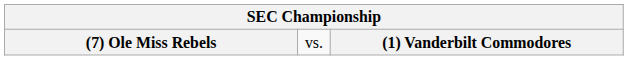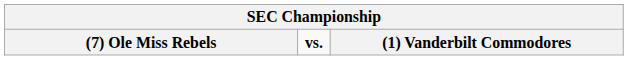 <table class="wikitable">
 <tr>
 <th style="width: 604px;" colspan=3>SEC Championship</th>
 </tr>
 <tr>
 <th style="width: 289px; ">(7) Ole Miss Rebels</th>
-<td style="width: 25px; text-align:center">vs.</td>
+<td style="width: 25px; text-align:center"><strong>vs.</strong></td>
 <th style="width: 289px; ">(1) Vanderbilt Commodores</th>
 </tr>
 </table>
